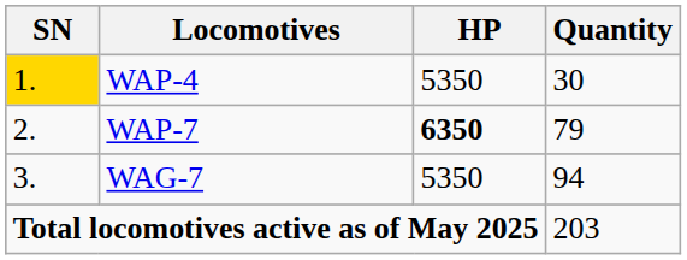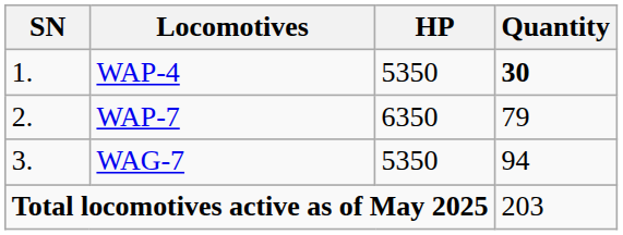 <table class="wikitable">
 <tr>
 <th>SN</th>
 <th>Locomotives</th>
 <th>HP</th>
 <th>Quantity</th>
 </tr>
 <tr>
-<td style="background: gold;">1.</td>
+<td>1.</td>
 <td><a href='#'>WAP-4</a></td>
 <td>5350</td>
-<td>30</td>
+<td><strong>30</strong></td>
 </tr>
 <tr>
 <td>2.</td>
 <td><a href='#'>WAP-7</a></td>
-<td><strong>6350</strong></td>
+<td>6350</td>
 <td>79</td>
 </tr>
 <tr>
 <td>3.</td>
 <td><a href='#'>WAG-7</a></td>
 <td>5350</td>
 <td>94</td>
 </tr>
 <tr>
 <td colspan="3"><strong>Total locomotives active as of May 2025</strong></td>
 <td>203</td>
 </tr>
 </table>
